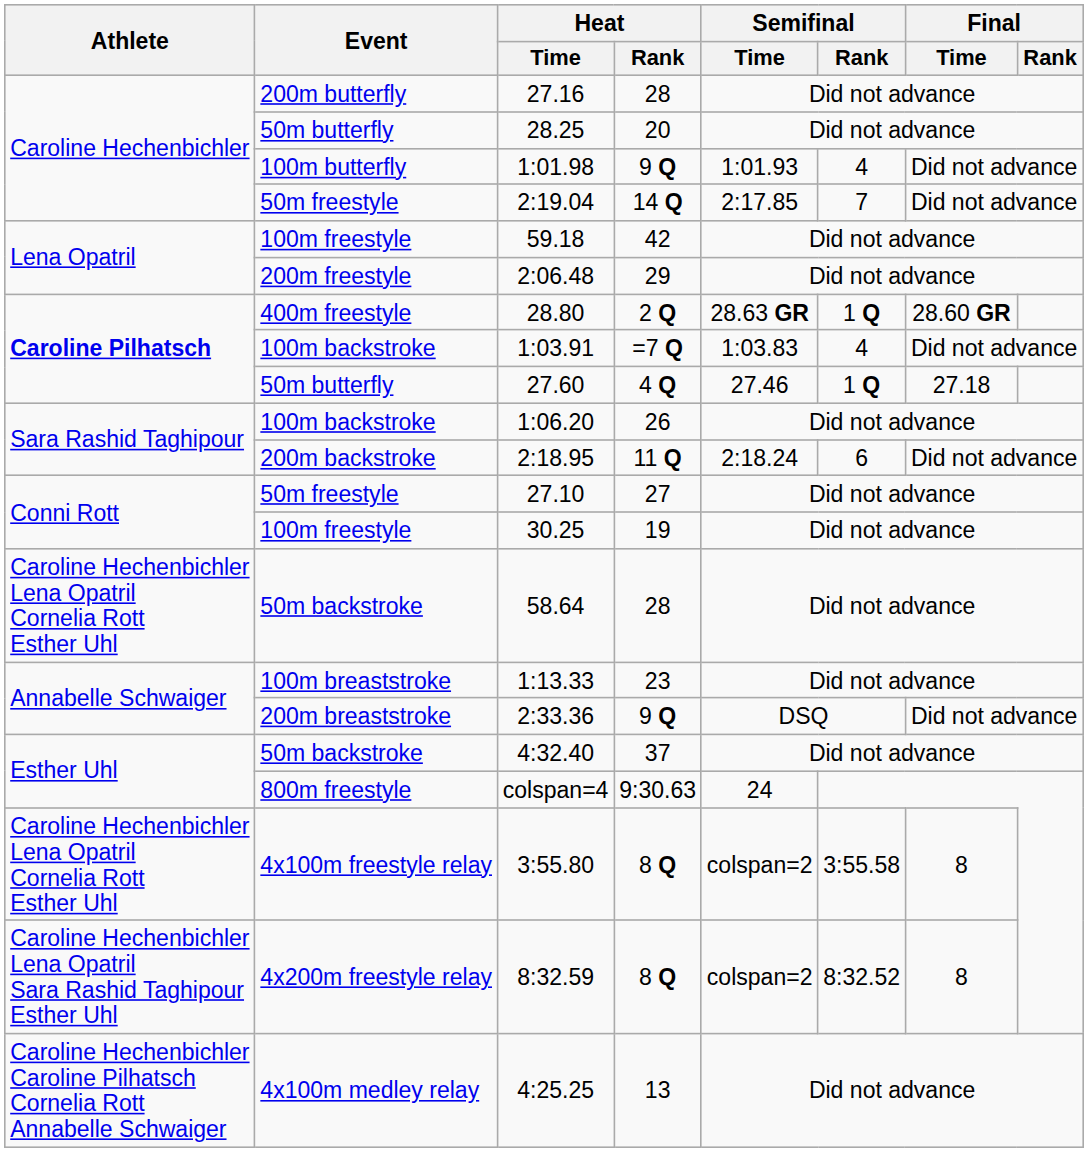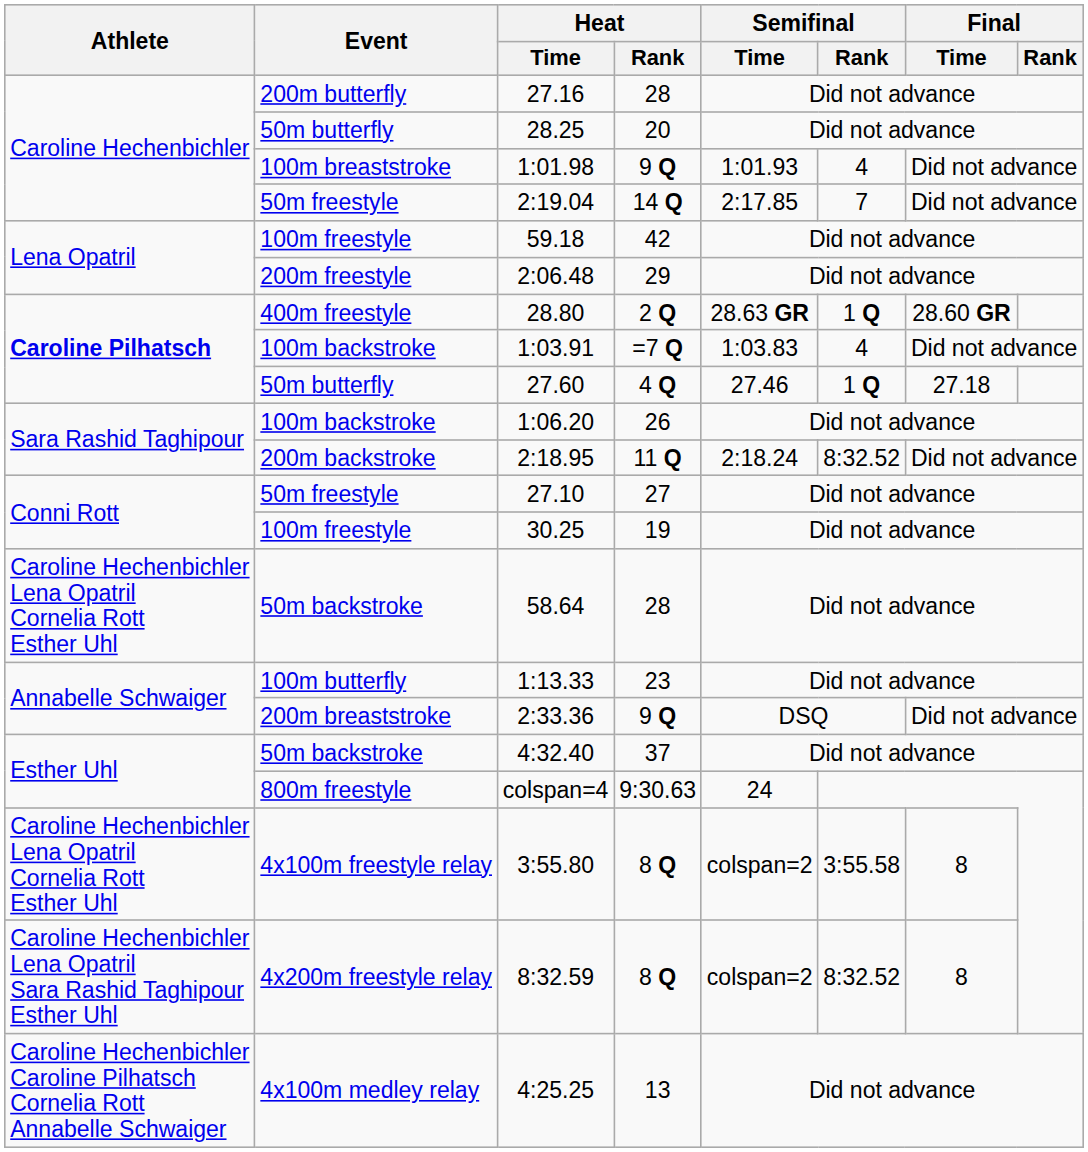 <table class=wikitable style="font-size:90%">
 <tr>
 <th rowspan="2">Athlete</th>
 <th rowspan="2">Event</th>
 <th colspan="2">Heat</th>
 <th colspan="2">Semifinal</th>
 <th colspan="2">Final</th>
 </tr>
 <tr style="font-size:95%">
 <th>Time</th>
 <th>Rank</th>
 <th>Time</th>
 <th>Rank</th>
 <th>Time</th>
 <th>Rank</th>
 </tr>
 <tr align=center>
 <td align=left rowspan=4><a href='#'>Caroline Hechenbichler</a></td>
 <td align=left><a href='#'>200m butterfly</a></td>
 <td>27.16</td>
 <td>28</td>
 <td colspan=4>Did not advance</td>
 </tr>
 <tr align=center>
 <td align=left><a href='#'>50m butterfly</a></td>
 <td>28.25</td>
 <td>20</td>
 <td colspan=4>Did not advance</td>
 </tr>
 <tr align=center>
-<td align=left><a href='#'>100m butterfly</a></td>
+<td align=left><a href='#'>100m breaststroke</a></td>
 <td>1:01.98</td>
 <td>9 <strong>Q</strong></td>
 <td>1:01.93</td>
 <td>4</td>
 <td colspan=2>Did not advance</td>
 </tr>
 <tr align=center>
 <td align=left><a href='#'>50m freestyle</a></td>
 <td>2:19.04</td>
 <td>14 <strong>Q</strong></td>
 <td>2:17.85</td>
 <td>7</td>
 <td colspan=2>Did not advance</td>
 </tr>
 <tr align=center>
 <td align=left rowspan=2><a href='#'>Lena Opatril</a></td>
 <td align=left><a href='#'>100m freestyle</a></td>
 <td>59.18</td>
 <td>42</td>
 <td colspan=4>Did not advance</td>
 </tr>
 <tr align=center>
 <td align=left><a href='#'>200m freestyle</a></td>
 <td>2:06.48</td>
 <td>29</td>
 <td colspan=4>Did not advance</td>
 </tr>
 <tr align=center>
 <td align=left rowspan=3><strong><a href='#'>Caroline Pilhatsch</a></strong></td>
 <td align=left><a href='#'>400m freestyle</a></td>
 <td>28.80</td>
 <td>2 <strong>Q</strong></td>
 <td>28.63 <strong>GR</strong></td>
 <td>1 <strong>Q</strong></td>
 <td>28.60 <strong>GR</strong></td>
 <td></td>
 </tr>
 <tr align=center>
 <td align=left><a href='#'>100m backstroke</a></td>
 <td>1:03.91</td>
 <td>=7 <strong>Q</strong></td>
 <td>1:03.83</td>
 <td>4</td>
 <td colspan=2>Did not advance</td>
 </tr>
 <tr align=center>
 <td align=left><a href='#'>50m butterfly</a></td>
 <td>27.60</td>
 <td>4 <strong>Q</strong></td>
 <td>27.46</td>
 <td>1 <strong>Q</strong></td>
 <td>27.18</td>
 <td></td>
 </tr>
 <tr align=center>
 <td align=left rowspan=2><a href='#'>Sara Rashid Taghipour</a></td>
 <td align=left><a href='#'>100m backstroke</a></td>
 <td>1:06.20</td>
 <td>26</td>
 <td colspan=4>Did not advance</td>
 </tr>
 <tr align=center>
 <td align=left><a href='#'>200m backstroke</a></td>
 <td>2:18.95</td>
 <td>11 <strong>Q</strong></td>
 <td>2:18.24</td>
-<td>6</td>
+<td>8:32.52</td>
 <td colspan=2>Did not advance</td>
 </tr>
 <tr align=center>
 <td align=left rowspan=2><a href='#'>Conni Rott</a></td>
 <td align=left><a href='#'>50m freestyle</a></td>
 <td>27.10</td>
 <td>27</td>
 <td colspan=4>Did not advance</td>
 </tr>
 <tr align=center>
 <td align=left><a href='#'>100m freestyle</a></td>
 <td>30.25</td>
 <td>19</td>
 <td colspan=4>Did not advance</td>
 </tr>
 <tr align=center>
 <td align=left><a href='#'>Caroline Hechenbichler</a><br><a href='#'>Lena Opatril</a><br><a href='#'>Cornelia Rott</a><br><a href='#'>Esther Uhl</a></td>
 <td align=left><a href='#'>50m backstroke</a></td>
 <td>58.64</td>
 <td>28</td>
 <td colspan=4>Did not advance</td>
 </tr>
 <tr align=center>
 <td align=left rowspan=2><a href='#'>Annabelle Schwaiger</a></td>
-<td align=left><a href='#'>100m breaststroke</a></td>
+<td align=left><a href='#'>100m butterfly</a></td>
 <td>1:13.33</td>
 <td>23</td>
 <td colspan=4>Did not advance</td>
 </tr>
 <tr align=center>
 <td align=left><a href='#'>200m breaststroke</a></td>
 <td>2:33.36</td>
 <td>9 <strong>Q</strong></td>
 <td colspan=2>DSQ</td>
 <td colspan=2>Did not advance</td>
 </tr>
 <tr align=center>
 <td align=left rowspan=2><a href='#'>Esther Uhl</a></td>
 <td align=left><a href='#'>50m backstroke</a></td>
 <td>4:32.40</td>
 <td>37</td>
 <td colspan=4>Did not advance</td>
 </tr>
 <tr align=center>
 <td align=left><a href='#'>800m freestyle</a></td>
 <td>colspan=4 </td>
 <td>9:30.63</td>
 <td>24</td>
 </tr>
 <tr align=center>
 <td align=left><a href='#'>Caroline Hechenbichler</a><br><a href='#'>Lena Opatril</a><br><a href='#'>Cornelia Rott</a><br><a href='#'>Esther Uhl</a></td>
 <td align=left><a href='#'>4x100m freestyle relay</a></td>
 <td>3:55.80</td>
 <td>8 <strong>Q</strong></td>
 <td>colspan=2 </td>
 <td>3:55.58</td>
 <td>8</td>
 </tr>
 <tr align=center>
 <td align=left><a href='#'>Caroline Hechenbichler</a><br><a href='#'>Lena Opatril</a><br><a href='#'>Sara Rashid Taghipour</a><br><a href='#'>Esther Uhl</a></td>
 <td align=left><a href='#'>4x200m freestyle relay</a></td>
 <td>8:32.59</td>
 <td>8 <strong>Q</strong></td>
 <td>colspan=2 </td>
 <td>8:32.52</td>
 <td>8</td>
 </tr>
 <tr align=center>
 <td align=left><a href='#'>Caroline Hechenbichler</a><br><a href='#'>Caroline Pilhatsch</a><br><a href='#'>Cornelia Rott</a><br><a href='#'>Annabelle Schwaiger</a></td>
 <td align=left><a href='#'>4x100m medley relay</a></td>
 <td>4:25.25</td>
 <td>13</td>
 <td colspan=4>Did not advance</td>
 </tr>
 </table>
